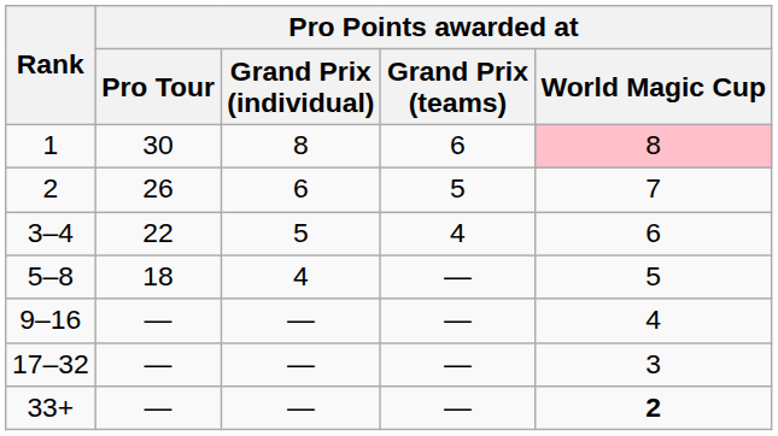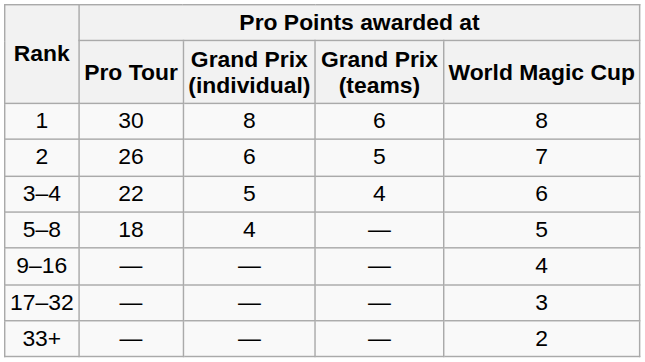 <table class=wikitable>
 <tr>
 <th rowspan=2>Rank</th>
 <th colspan=4>Pro Points awarded at</th>
 </tr>
 <tr>
 <th>Pro Tour</th>
 <th>Grand Prix<br>(individual)</th>
 <th>Grand Prix<br>(teams)</th>
 <th>World Magic Cup</th>
 </tr>
 <tr align=center>
 <td>1</td>
 <td>30</td>
 <td>8</td>
 <td>6</td>
-<td style="background: pink;">8</td>
+<td>8</td>
 </tr>
 <tr align=center>
 <td>2</td>
 <td>26</td>
 <td>6</td>
 <td>5</td>
 <td>7</td>
 </tr>
 <tr align=center>
 <td>3–4</td>
 <td>22</td>
 <td>5</td>
 <td>4</td>
 <td>6</td>
 </tr>
 <tr align=center>
 <td>5–8</td>
 <td>18</td>
 <td>4</td>
 <td>—</td>
 <td>5</td>
 </tr>
 <tr align=center>
 <td>9–16</td>
 <td>—</td>
 <td>—</td>
 <td>—</td>
 <td>4</td>
 </tr>
 <tr align=center>
 <td>17–32</td>
 <td>—</td>
 <td>—</td>
 <td>—</td>
 <td>3</td>
 </tr>
 <tr align=center>
 <td>33+</td>
 <td>—</td>
 <td>—</td>
 <td>—</td>
-<td><strong>2</strong></td>
+<td>2</td>
 </tr>
 </table>
